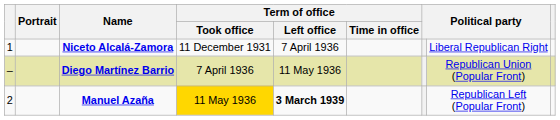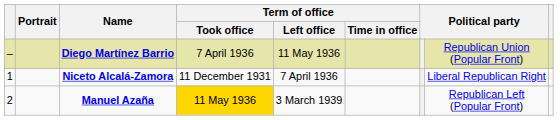 <table class="wikitable" style="text-align:center">
 <tr>
 <th rowspan=2></th>
 <th rowspan=2>Portrait</th>
 <th rowspan=2>Name<br></th>
 <th colspan=3>Term of office</th>
 <th colspan=2 rowspan=2>Political party</th>
 <th rowspan=2></th>
 </tr>
 <tr>
 <th>Took office</th>
 <th>Left office</th>
 <th>Time in office</th>
 </tr>
-<tr>
-<td>1</td>
-<td></td>
-<td><strong><a href='#'>Niceto Alcalá-Zamora</a></strong><br></td>
-<td>11 December 1931</td>
-<td>7 April 1936</td>
-<td></td>
-<th style="background-color:"></th>
-<td><a href='#'>Liberal Republican Right</a></td>
-<td></td>
-</tr>
 <tr style="background:#e6e6aa;">
 <td>–</td>
 <td></td>
 <td><strong><a href='#'>Diego Martínez Barrio</a></strong><br></td>
 <td>7 April 1936</td>
 <td>11 May 1936</td>
 <td></td>
 <th style="background-color:"></th>
 <td><a href='#'>Republican Union</a><br>(<a href='#'>Popular Front</a>)</td>
 <td></td>
 </tr>
 <tr>
+<td>1</td>
+<td></td>
+<td><strong><a href='#'>Niceto Alcalá-Zamora</a></strong><br></td>
+<td>11 December 1931</td>
+<td>7 April 1936</td>
+<td></td>
+<th style="background-color:"></th>
+<td><a href='#'>Liberal Republican Right</a></td>
+<td></td>
+</tr>
+<tr>
 <td>2</td>
 <td></td>
 <td><strong><a href='#'>Manuel Azaña</a></strong><br></td>
 <td style="background: gold;">11 May 1936</td>
-<td><strong>3 March 1939</strong></td>
+<td>3 March 1939</td>
 <td></td>
 <th style="background-color:"></th>
 <td><a href='#'>Republican Left</a><br>(<a href='#'>Popular Front</a>)</td>
 <td></td>
 </tr>
 </table>
